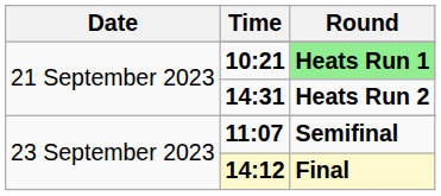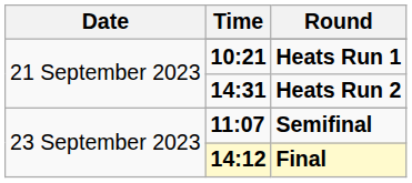 <table class="wikitable">
 <tr>
 <th>Date</th>
 <th>Time</th>
 <th>Round</th>
 </tr>
 <tr>
 <td rowspan=3>21 September 2023</td>
 </tr>
 <tr>
 <td><strong>10:21</strong></td>
-<td style="background: lightgreen;"><strong>Heats Run 1</strong></td>
+<td><strong>Heats Run 1</strong></td>
 </tr>
 <tr>
 <td><strong>14:31</strong></td>
 <td><strong>Heats Run 2</strong></td>
 </tr>
 <tr>
 <td rowspan=3>23 September 2023</td>
 </tr>
 <tr>
 <td><strong>11:07</strong></td>
 <td><strong>Semifinal</strong></td>
 </tr>
 <tr style=background:lemonchiffon>
 <td><strong>14:12</strong></td>
 <td><strong>Final</strong></td>
 </tr>
 </table>
